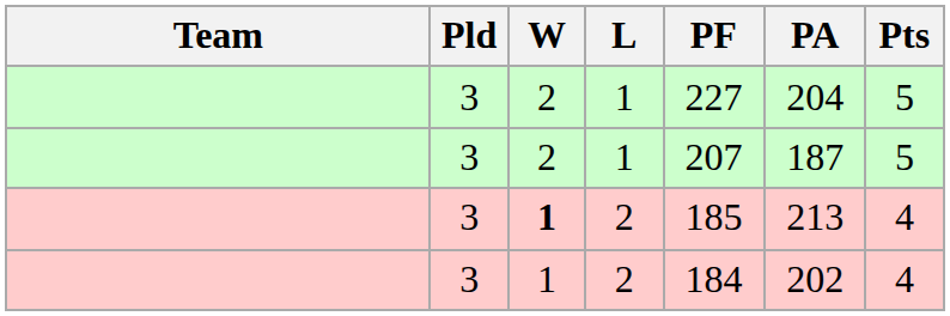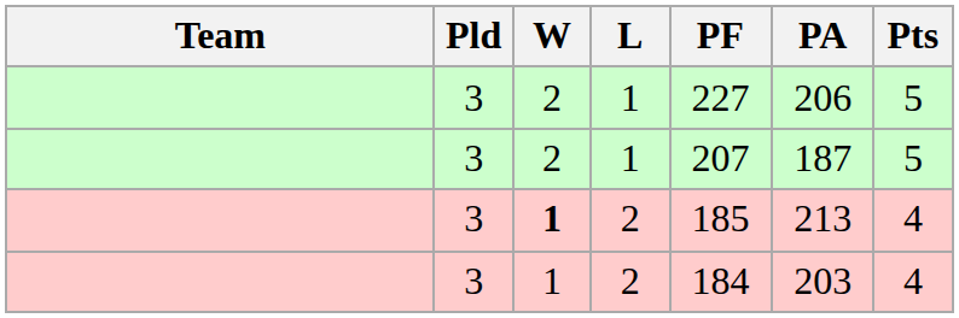 <table class="wikitable" style="text-align:center;">
 <tr>
 <th width=170>Team</th>
 <th width=25>Pld</th>
 <th width=25>W</th>
 <th width=25>L</th>
 <th width=35>PF</th>
 <th width=35>PA</th>
 <th width=25>Pts</th>
 </tr>
 <tr bgcolor=#ccffcc>
 <td align="left"></td>
 <td>3</td>
 <td>2</td>
 <td>1</td>
 <td>227</td>
-<td>204</td>
+<td>206</td>
 <td>5</td>
 </tr>
 <tr bgcolor=#ccffcc>
 <td align="left"></td>
 <td>3</td>
 <td>2</td>
 <td>1</td>
 <td>207</td>
 <td>187</td>
 <td>5</td>
 </tr>
 <tr bgcolor=#ffcccc>
 <td align="left"></td>
 <td>3</td>
 <td><strong>1</strong></td>
 <td>2</td>
 <td>185</td>
 <td>213</td>
 <td>4</td>
 </tr>
 <tr bgcolor=#ffcccc>
 <td align="left"></td>
 <td>3</td>
 <td>1</td>
 <td>2</td>
 <td>184</td>
-<td>202</td>
+<td>203</td>
 <td>4</td>
 </tr>
 </table>
